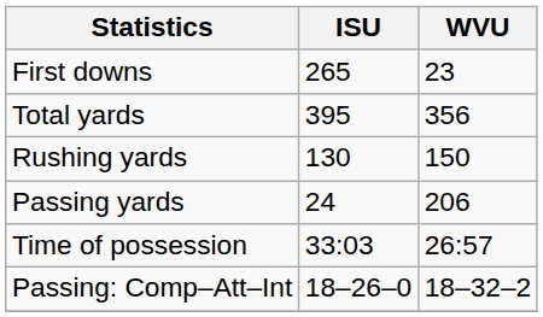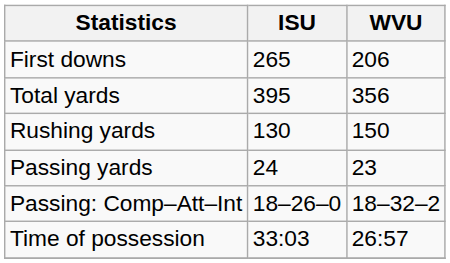 <table class="wikitable" style="float: left;">
 <tr>
 <th>Statistics</th>
 <th>ISU</th>
 <th>WVU</th>
 </tr>
 <tr>
 <td>First downs</td>
 <td>265</td>
-<td>23</td>
+<td>206</td>
 </tr>
 <tr>
 <td>Total yards</td>
 <td>395</td>
 <td>356</td>
 </tr>
 <tr>
 <td>Rushing yards</td>
 <td>130</td>
 <td>150</td>
 </tr>
 <tr>
 <td>Passing yards</td>
 <td>24</td>
-<td>206</td>
+<td>23</td>
+</tr>
+<tr>
+<td>Passing: Comp–Att–Int</td>
+<td>18–26–0</td>
+<td>18–32–2</td>
 </tr>
 <tr>
 <td>Time of possession</td>
 <td>33:03</td>
 <td>26:57</td>
 </tr>
 <tr>
-<td>Passing: Comp–Att–Int</td>
-<td>18–26–0</td>
-<td>18–32–2</td>
-</tr>
-<tr>
 </tr>
 </table>
